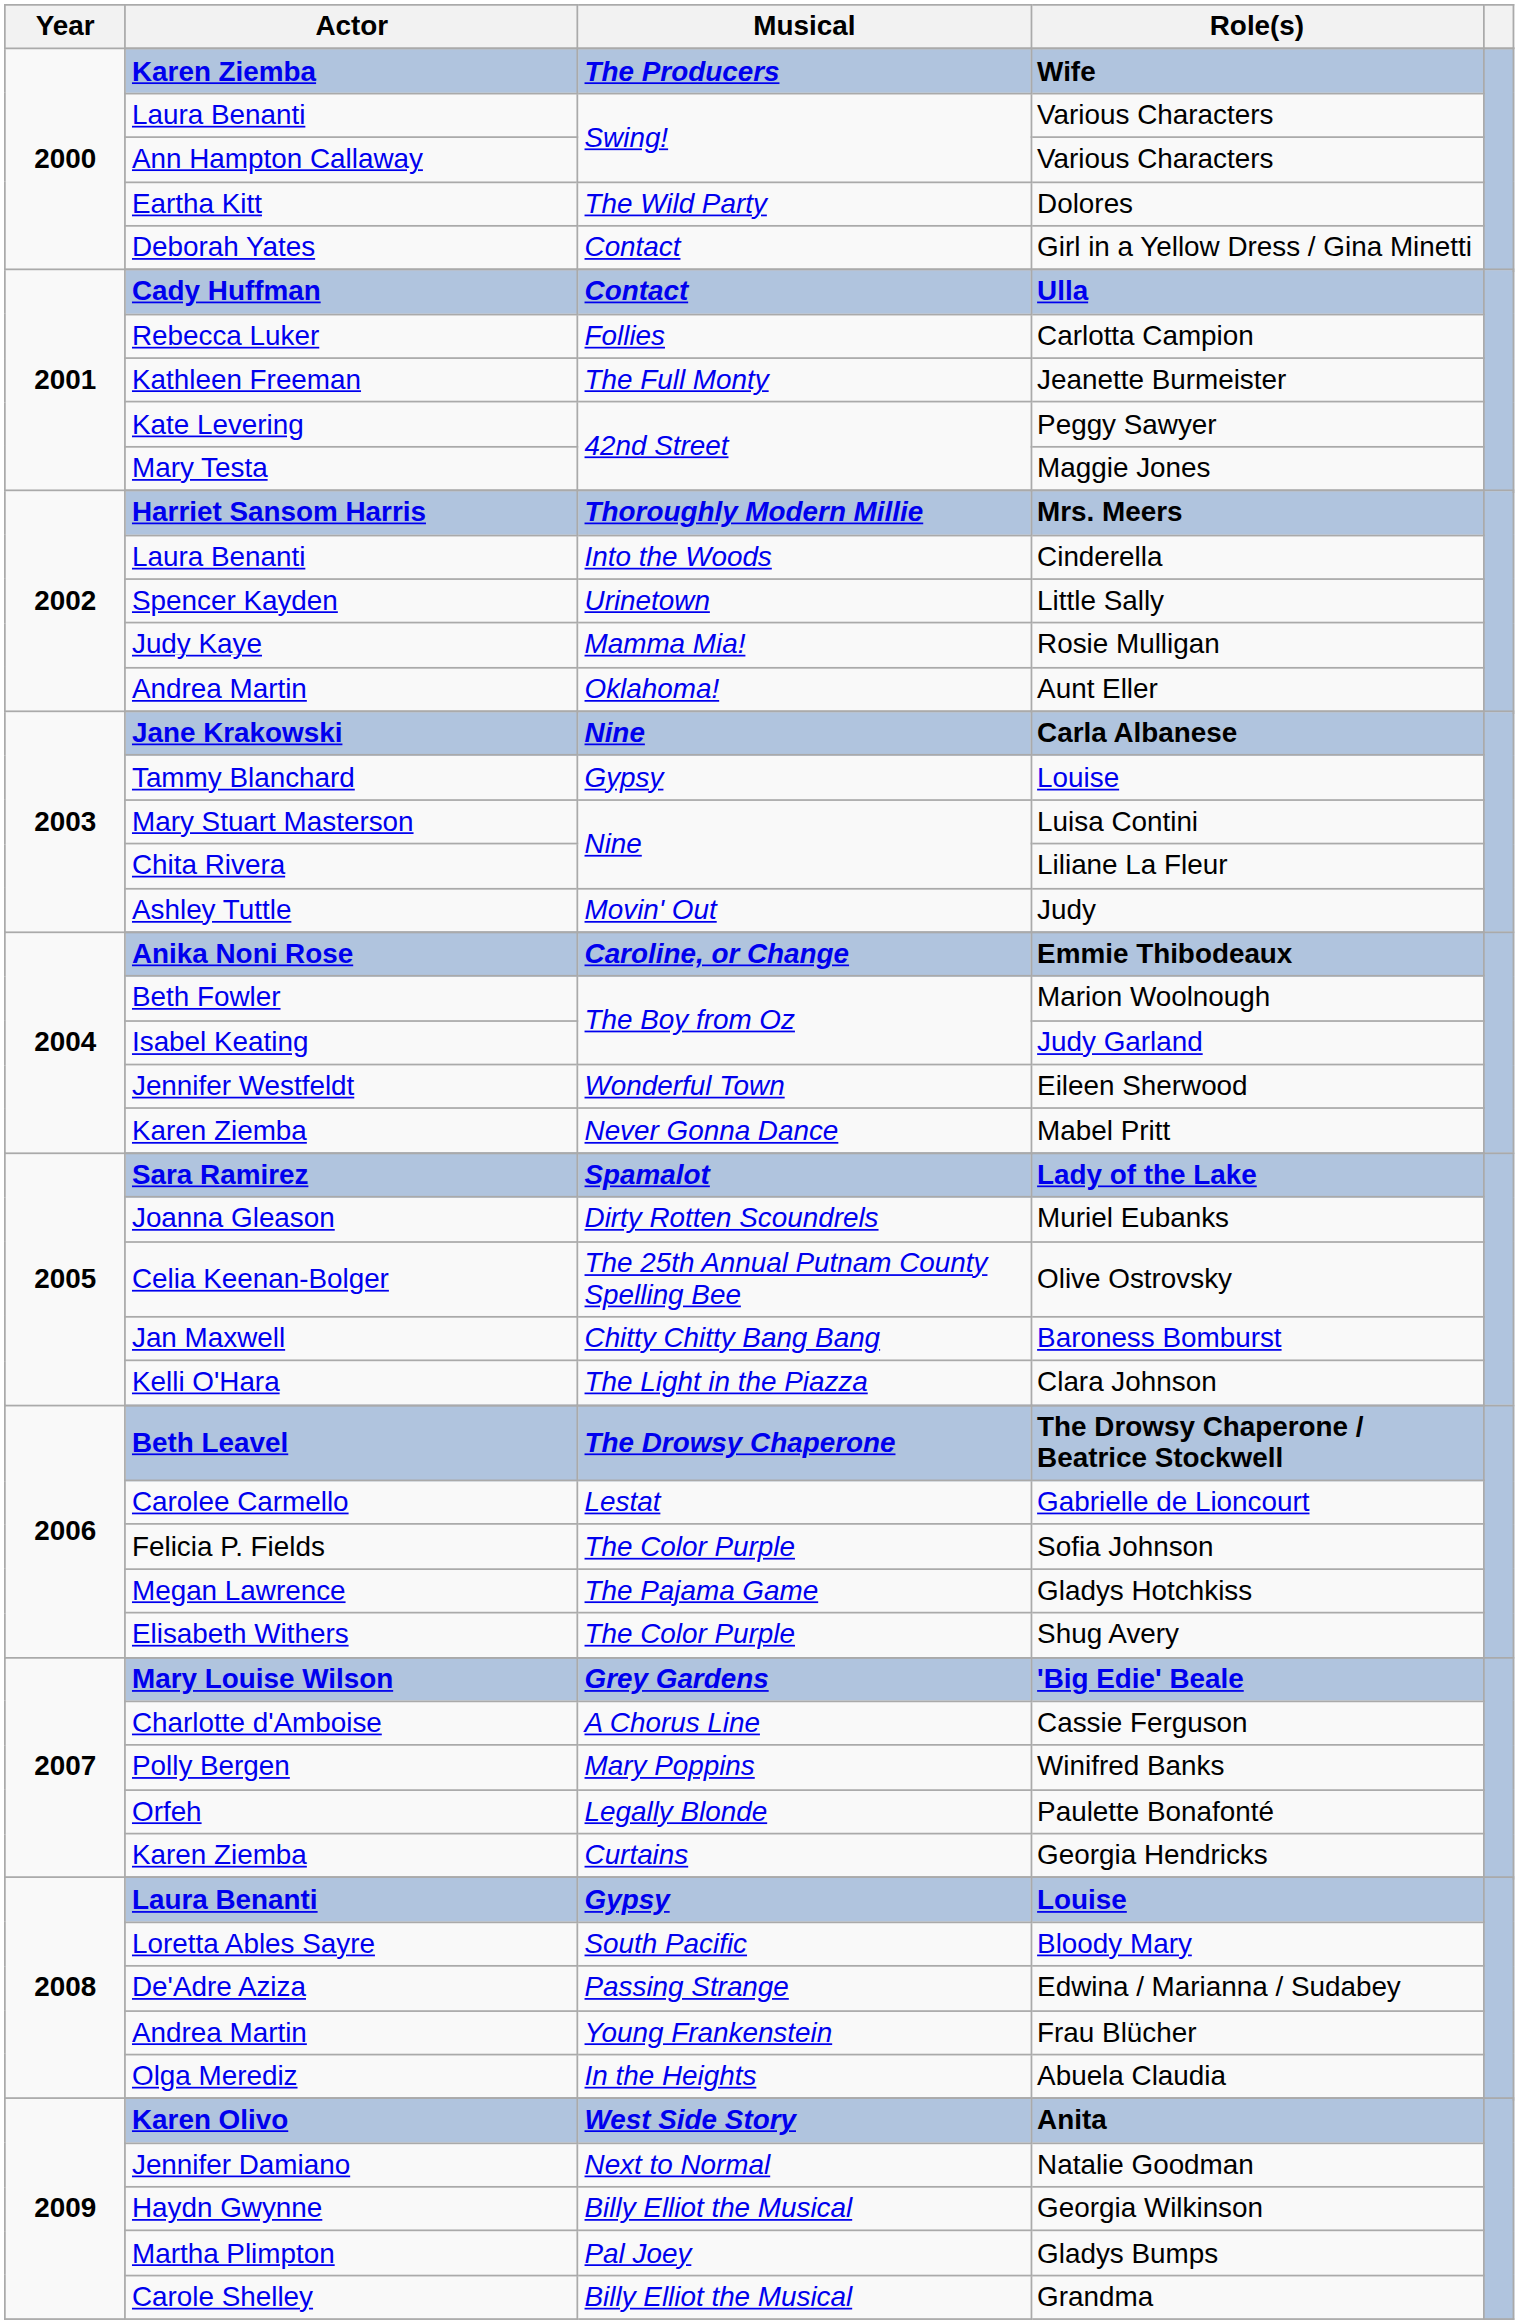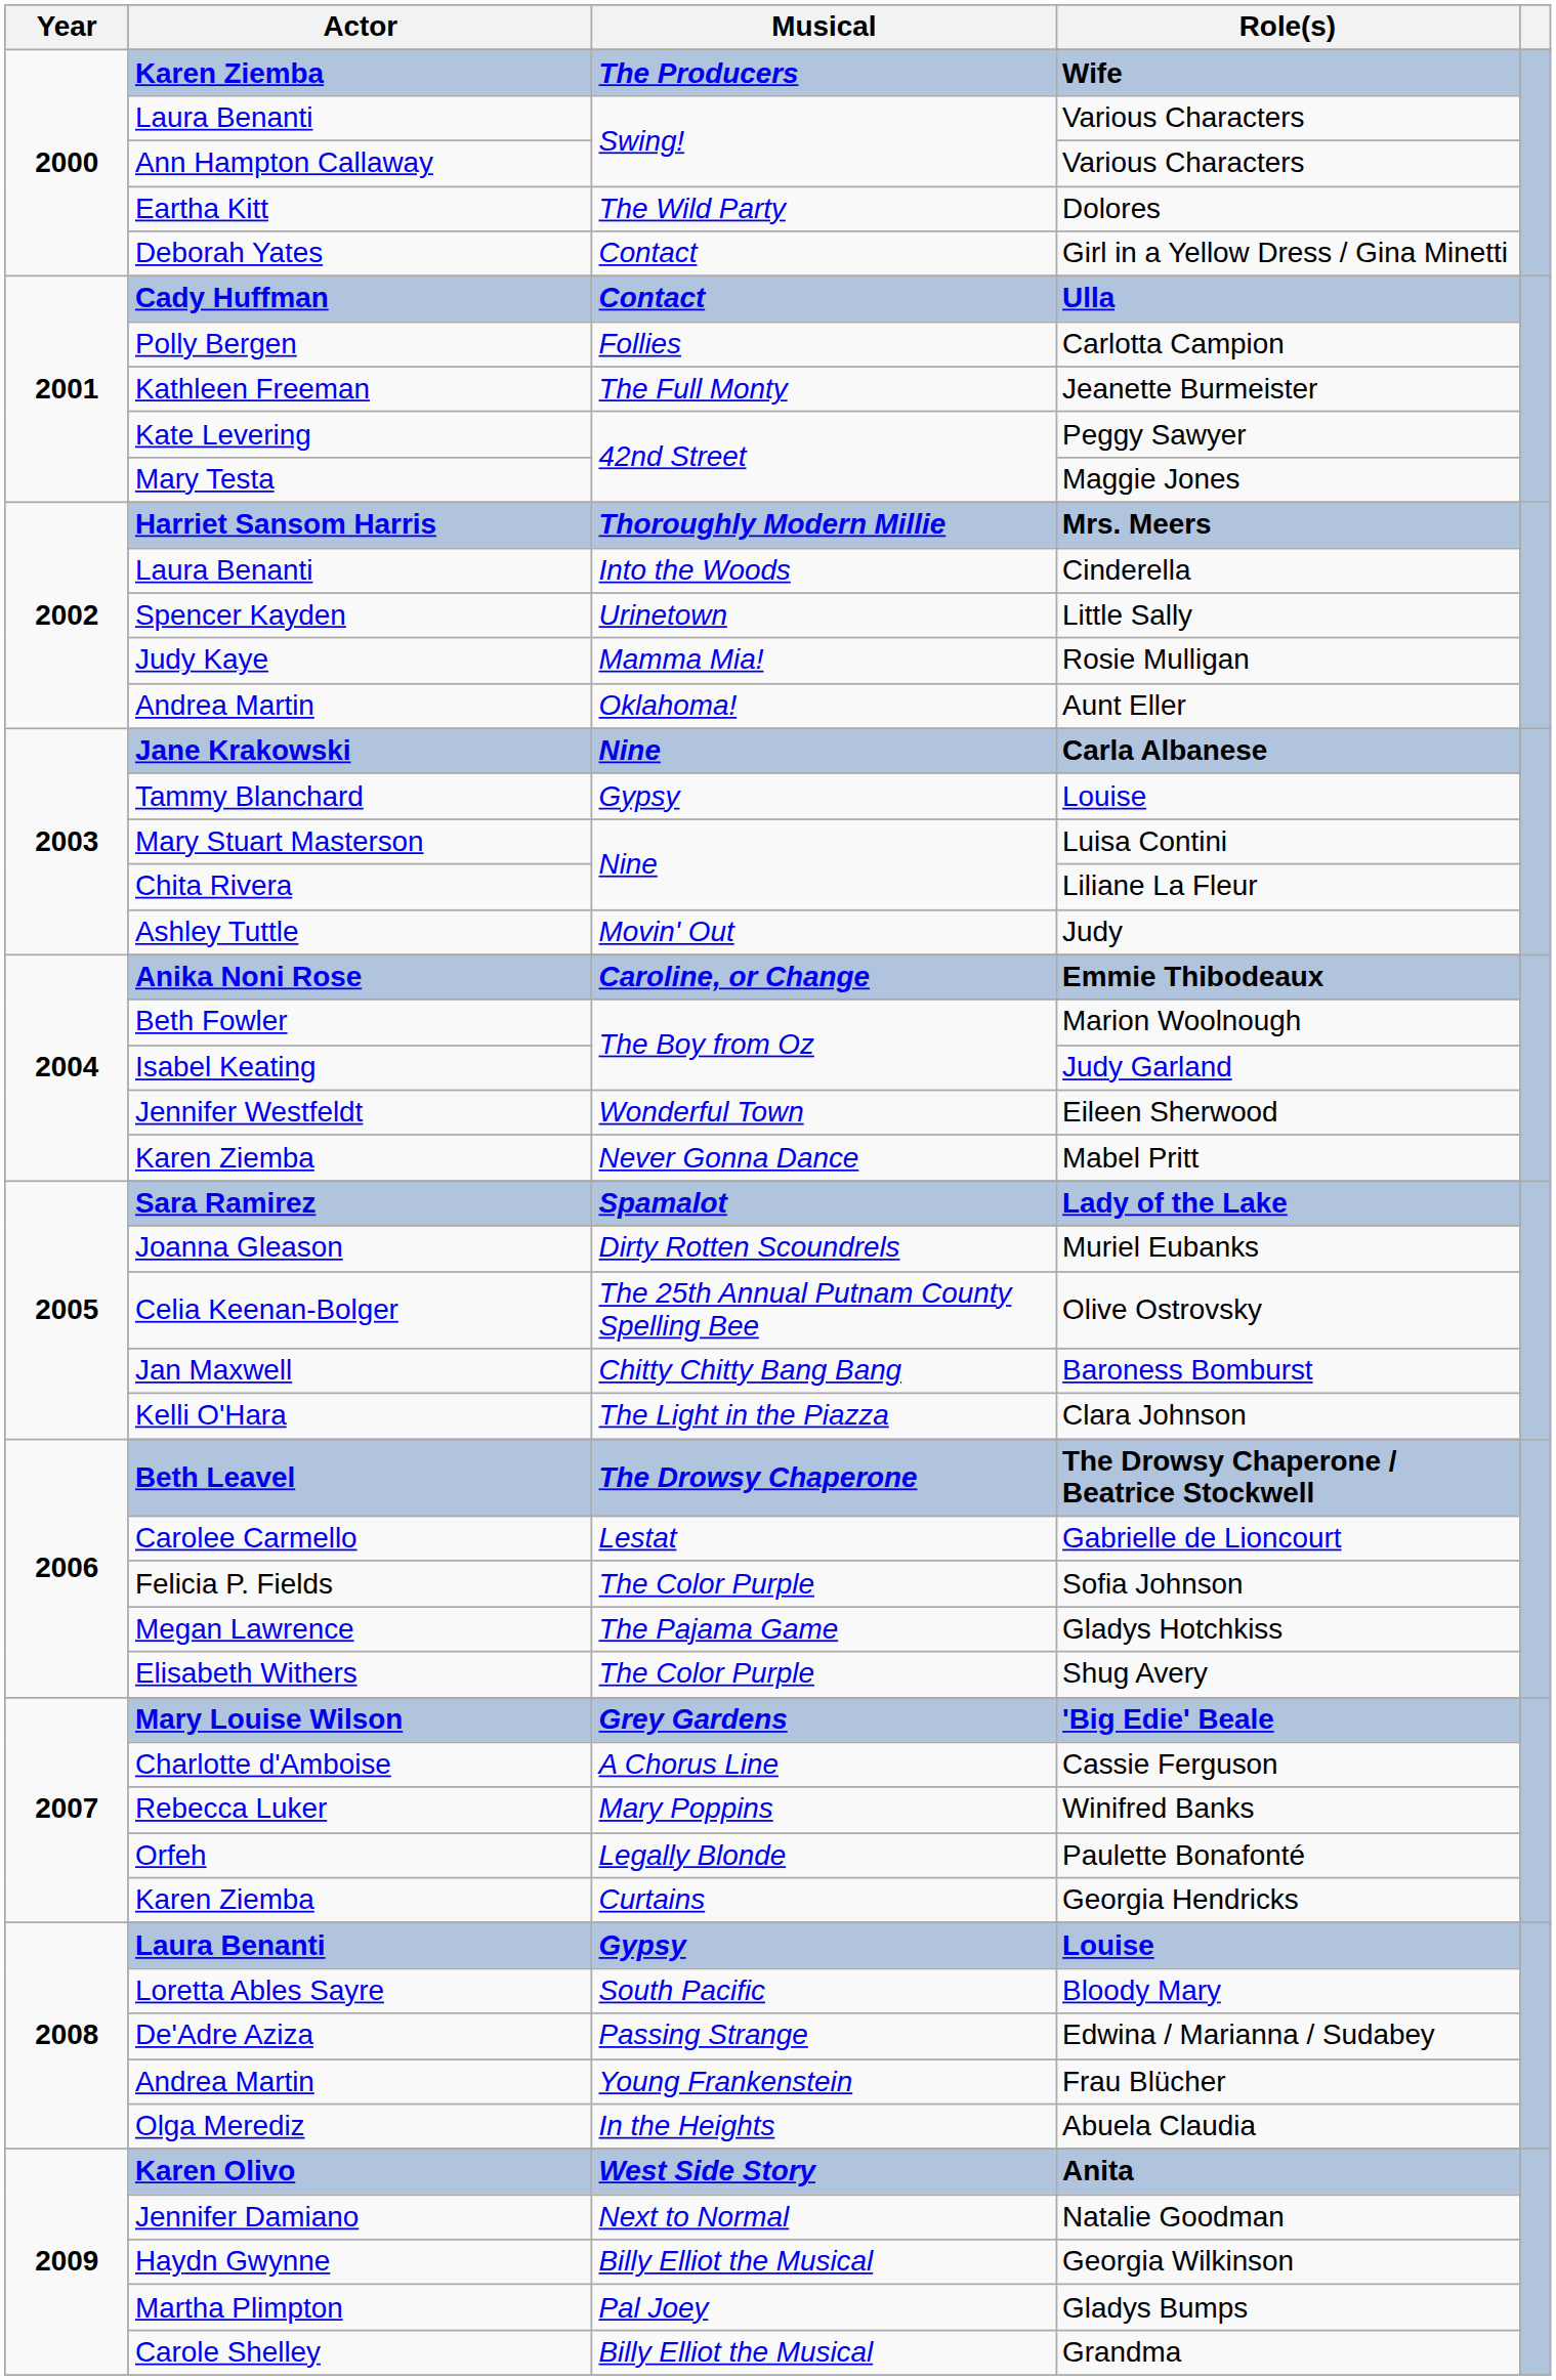 <table class="wikitable sortable">
 <tr>
 <th scope="col" style="width:8%;">Year</th>
 <th scope="col" style="width:30%;">Actor</th>
 <th scope="col" style="width:30%;">Musical</th>
 <th scope="col" style="width:30%;">Role(s)</th>
 <th scope="col" style="width:2%;" class="unsortable"></th>
 </tr>
 <tr>
 <td rowspan="6" align="center"><strong>2000</strong> <br> </td>
 </tr>
 <tr style="background:#B0C4DE">
 <td><strong><a href='#'>Karen Ziemba</a></strong></td>
 <td><strong><em><a href='#'>The Producers</a></em></strong></td>
 <td><strong>Wife</strong></td>
 <td rowspan="6" align="center"></td>
 </tr>
 <tr>
 <td><a href='#'>Laura Benanti</a></td>
 <td rowspan="2"><em><a href='#'>Swing!</a></em></td>
 <td>Various Characters</td>
 </tr>
 <tr>
 <td><a href='#'>Ann Hampton Callaway</a></td>
 <td>Various Characters</td>
 </tr>
 <tr>
 <td><a href='#'>Eartha Kitt</a></td>
 <td><em><a href='#'>The Wild Party</a></em></td>
 <td>Dolores</td>
 </tr>
 <tr>
 <td><a href='#'>Deborah Yates</a></td>
 <td><em><a href='#'>Contact</a></em></td>
 <td>Girl in a Yellow Dress / Gina Minetti</td>
 </tr>
 <tr>
 <td rowspan="6" align="center"><strong>2001</strong> <br> </td>
 </tr>
 <tr style="background:#B0C4DE">
 <td><strong><a href='#'>Cady Huffman</a></strong></td>
 <td><strong><em><a href='#'>Contact</a></em></strong></td>
 <td><strong><a href='#'>Ulla</a></strong></td>
 <td rowspan="6" align="center"></td>
 </tr>
 <tr>
-<td><a href='#'>Rebecca Luker</a></td>
+<td><a href='#'>Polly Bergen</a></td>
 <td><em><a href='#'>Follies</a></em></td>
 <td>Carlotta Campion</td>
 </tr>
 <tr>
 <td><a href='#'>Kathleen Freeman</a></td>
 <td><em><a href='#'>The Full Monty</a></em></td>
 <td>Jeanette Burmeister</td>
 </tr>
 <tr>
 <td><a href='#'>Kate Levering</a></td>
 <td rowspan="2"><em><a href='#'>42nd Street</a></em></td>
 <td>Peggy Sawyer</td>
 </tr>
 <tr>
 <td><a href='#'>Mary Testa</a></td>
 <td>Maggie Jones</td>
 </tr>
 <tr>
 <td rowspan="6" align="center"><strong>2002</strong> <br> </td>
 </tr>
 <tr style="background:#B0C4DE">
 <td><strong><a href='#'>Harriet Sansom Harris</a></strong></td>
 <td><strong><em><a href='#'>Thoroughly Modern Millie</a></em></strong></td>
 <td><strong>Mrs. Meers</strong></td>
 <td rowspan="6" align="center"></td>
 </tr>
 <tr>
 <td><a href='#'>Laura Benanti</a></td>
 <td><em><a href='#'>Into the Woods</a></em></td>
 <td>Cinderella</td>
 </tr>
 <tr>
 <td><a href='#'>Spencer Kayden</a></td>
 <td><em><a href='#'>Urinetown</a></em></td>
 <td>Little Sally</td>
 </tr>
 <tr>
 <td><a href='#'>Judy Kaye</a></td>
 <td><em><a href='#'>Mamma Mia!</a></em></td>
 <td>Rosie Mulligan</td>
 </tr>
 <tr>
 <td><a href='#'>Andrea Martin</a></td>
 <td><em><a href='#'>Oklahoma!</a></em></td>
 <td>Aunt Eller</td>
 </tr>
 <tr>
 <td rowspan="6" align="center"><strong>2003</strong> <br> </td>
 </tr>
 <tr style="background:#B0C4DE">
 <td><strong><a href='#'>Jane Krakowski</a></strong></td>
 <td><strong><em><a href='#'>Nine</a></em></strong></td>
 <td><strong>Carla Albanese</strong></td>
 <td rowspan="6" align="center"></td>
 </tr>
 <tr>
 <td><a href='#'>Tammy Blanchard</a></td>
 <td><em><a href='#'>Gypsy</a></em></td>
 <td><a href='#'>Louise</a></td>
 </tr>
 <tr>
 <td><a href='#'>Mary Stuart Masterson</a></td>
 <td rowspan="2"><em><a href='#'>Nine</a></em></td>
 <td>Luisa Contini</td>
 </tr>
 <tr>
 <td><a href='#'>Chita Rivera</a></td>
 <td>Liliane La Fleur</td>
 </tr>
 <tr>
 <td><a href='#'>Ashley Tuttle</a></td>
 <td><em><a href='#'>Movin' Out</a></em></td>
 <td>Judy</td>
 </tr>
 <tr>
 <td rowspan="6" align="center"><strong>2004</strong> <br> </td>
 </tr>
 <tr style="background:#B0C4DE">
 <td><strong><a href='#'>Anika Noni Rose</a></strong></td>
 <td><strong><em><a href='#'>Caroline, or Change</a></em></strong></td>
 <td><strong>Emmie Thibodeaux</strong></td>
 <td rowspan="6" align="center"></td>
 </tr>
 <tr>
 <td><a href='#'>Beth Fowler</a></td>
 <td rowspan="2"><em><a href='#'>The Boy from Oz</a></em></td>
 <td>Marion Woolnough</td>
 </tr>
 <tr>
 <td><a href='#'>Isabel Keating</a></td>
 <td><a href='#'>Judy Garland</a></td>
 </tr>
 <tr>
 <td><a href='#'>Jennifer Westfeldt</a></td>
 <td><em><a href='#'>Wonderful Town</a></em></td>
 <td>Eileen Sherwood</td>
 </tr>
 <tr>
 <td><a href='#'>Karen Ziemba</a></td>
 <td><em><a href='#'>Never Gonna Dance</a></em></td>
 <td>Mabel Pritt</td>
 </tr>
 <tr>
 <td rowspan="6" align="center"><strong>2005</strong> <br> </td>
 </tr>
 <tr style="background:#B0C4DE">
 <td><strong><a href='#'>Sara Ramirez</a></strong></td>
 <td><strong><em><a href='#'>Spamalot</a></em></strong></td>
 <td><strong><a href='#'>Lady of the Lake</a></strong></td>
 <td rowspan="6" align="center"></td>
 </tr>
 <tr>
 <td><a href='#'>Joanna Gleason</a></td>
 <td><em><a href='#'>Dirty Rotten Scoundrels</a></em></td>
 <td>Muriel Eubanks</td>
 </tr>
 <tr>
 <td><a href='#'>Celia Keenan-Bolger</a></td>
 <td><em><a href='#'>The 25th Annual Putnam County Spelling Bee</a></em></td>
 <td>Olive Ostrovsky</td>
 </tr>
 <tr>
 <td><a href='#'>Jan Maxwell</a></td>
 <td><em><a href='#'>Chitty Chitty Bang Bang</a></em></td>
 <td><a href='#'>Baroness Bomburst</a></td>
 </tr>
 <tr>
 <td><a href='#'>Kelli O'Hara</a></td>
 <td><em><a href='#'>The Light in the Piazza</a></em></td>
 <td>Clara Johnson</td>
 </tr>
 <tr>
 <td rowspan="6" align="center"><strong>2006</strong> <br> </td>
 </tr>
 <tr style="background:#B0C4DE">
 <td><strong><a href='#'>Beth Leavel</a></strong></td>
 <td><strong><em><a href='#'>The Drowsy Chaperone</a></em></strong></td>
 <td><strong>The Drowsy Chaperone / Beatrice Stockwell</strong></td>
 <td rowspan="6" align="center"></td>
 </tr>
 <tr>
 <td><a href='#'>Carolee Carmello</a></td>
 <td><em><a href='#'>Lestat</a></em></td>
 <td><a href='#'>Gabrielle de Lioncourt</a></td>
 </tr>
 <tr>
 <td>Felicia P. Fields</td>
 <td><em><a href='#'>The Color Purple</a></em></td>
 <td>Sofia Johnson</td>
 </tr>
 <tr>
 <td><a href='#'>Megan Lawrence</a></td>
 <td><em><a href='#'>The Pajama Game</a></em></td>
 <td>Gladys Hotchkiss</td>
 </tr>
 <tr>
 <td><a href='#'>Elisabeth Withers</a></td>
 <td><em><a href='#'>The Color Purple</a></em></td>
 <td>Shug Avery</td>
 </tr>
 <tr>
 <td rowspan="6" align="center"><strong>2007</strong> <br> </td>
 </tr>
 <tr style="background:#B0C4DE">
 <td><strong><a href='#'>Mary Louise Wilson</a></strong></td>
 <td><strong><em><a href='#'>Grey Gardens</a></em></strong></td>
 <td><strong><a href='#'>'Big Edie' Beale</a></strong></td>
 <td rowspan="6" align="center"></td>
 </tr>
 <tr>
 <td><a href='#'>Charlotte d'Amboise</a></td>
 <td><em><a href='#'>A Chorus Line</a></em></td>
 <td>Cassie Ferguson</td>
 </tr>
 <tr>
-<td><a href='#'>Polly Bergen</a></td>
+<td><a href='#'>Rebecca Luker</a></td>
 <td><em><a href='#'>Mary Poppins</a></em></td>
 <td>Winifred Banks</td>
 </tr>
 <tr>
 <td><a href='#'>Orfeh</a></td>
 <td><em><a href='#'>Legally Blonde</a></em></td>
 <td>Paulette Bonafonté</td>
 </tr>
 <tr>
 <td><a href='#'>Karen Ziemba</a></td>
 <td><em><a href='#'>Curtains</a></em></td>
 <td>Georgia Hendricks</td>
 </tr>
 <tr>
 <td rowspan="6" align="center"><strong>2008</strong> <br> </td>
 </tr>
 <tr style="background:#B0C4DE">
 <td><strong><a href='#'>Laura Benanti</a></strong></td>
 <td><strong><em><a href='#'>Gypsy</a></em></strong></td>
 <td><strong><a href='#'>Louise</a></strong></td>
 <td rowspan="6" align="center"></td>
 </tr>
 <tr>
 <td><a href='#'>Loretta Ables Sayre</a></td>
 <td><em><a href='#'>South Pacific</a></em></td>
 <td><a href='#'>Bloody Mary</a></td>
 </tr>
 <tr>
 <td><a href='#'>De'Adre Aziza</a></td>
 <td><em><a href='#'>Passing Strange</a></em></td>
 <td>Edwina / Marianna / Sudabey</td>
 </tr>
 <tr>
 <td><a href='#'>Andrea Martin</a></td>
 <td><em><a href='#'>Young Frankenstein</a></em></td>
 <td>Frau Blücher</td>
 </tr>
 <tr>
 <td><a href='#'>Olga Merediz</a></td>
 <td><em><a href='#'>In the Heights</a></em></td>
 <td>Abuela Claudia</td>
 </tr>
 <tr>
 <td rowspan="6" align="center"><strong>2009</strong> <br> </td>
 </tr>
 <tr style="background:#B0C4DE">
 <td><strong><a href='#'>Karen Olivo</a></strong></td>
 <td><strong><em><a href='#'>West Side Story</a></em></strong></td>
 <td><strong>Anita</strong></td>
 <td rowspan="6" align="center"></td>
 </tr>
 <tr>
 <td><a href='#'>Jennifer Damiano</a></td>
 <td><em><a href='#'>Next to Normal</a></em></td>
 <td>Natalie Goodman</td>
 </tr>
 <tr>
 <td><a href='#'>Haydn Gwynne</a></td>
 <td><em><a href='#'>Billy Elliot the Musical</a></em></td>
 <td>Georgia Wilkinson</td>
 </tr>
 <tr>
 <td><a href='#'>Martha Plimpton</a></td>
 <td><em><a href='#'>Pal Joey</a></em></td>
 <td>Gladys Bumps</td>
 </tr>
 <tr>
 <td><a href='#'>Carole Shelley</a></td>
 <td><em><a href='#'>Billy Elliot the Musical</a></em></td>
 <td>Grandma</td>
 </tr>
 </table>
